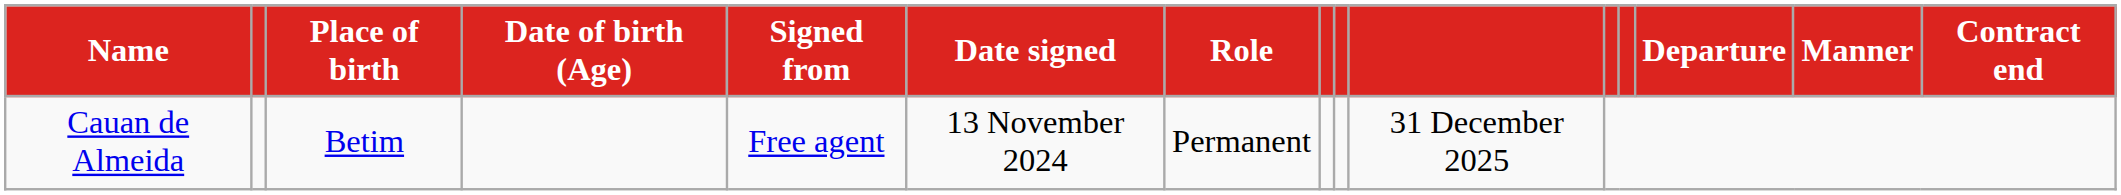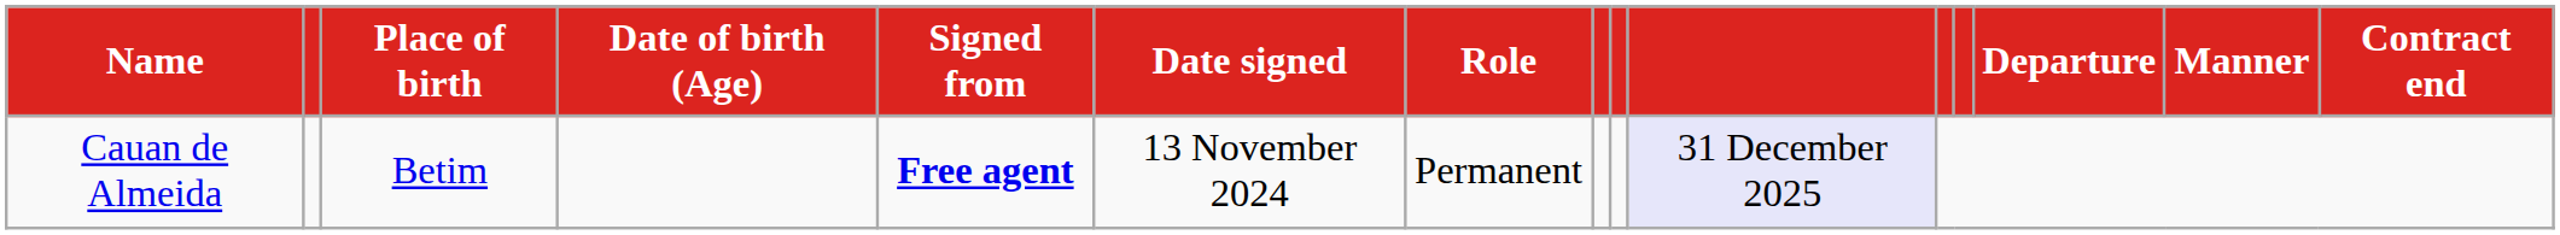 <table class="wikitable" style="text-align:center; font-size:85%; width:100%;">
 <tr>
 <th style="background:#DC241F; color:#FFFFFF; text-align:center;">Name</th>
 <th style="background:#DC241F; color:#FFFFFF; text-align:center;"></th>
 <th style="background:#DC241F; color:#FFFFFF; text-align:center;">Place of birth</th>
 <th style="background:#DC241F; color:#FFFFFF; text-align:center;">Date of birth (Age)</th>
 <th style="background:#DC241F; color:#FFFFFF; text-align:center;">Signed from</th>
 <th style="background:#DC241F; color:#FFFFFF; text-align:center;">Date signed</th>
 <th style="background:#DC241F; color:#FFFFFF; text-align:center;">Role</th>
 <th style="background:#DC241F; color:#FFFFFF; text-align:center;"></th>
 <th style="background:#DC241F; color:#FFFFFF; text-align:center;"></th>
 <th style="background:#DC241F; color:#FFFFFF; text-align:center;"></th>
 <th style="background:#DC241F; color:#FFFFFF; text-align:center;"></th>
 <th style="background:#DC241F; color:#FFFFFF; text-align:center;"></th>
 <th style="background:#DC241F; color:#FFFFFF; text-align:center;">Departure</th>
 <th style="background:#DC241F; color:#FFFFFF; text-align:center;">Manner</th>
 <th style="background:#DC241F; color:#FFFFFF; text-align:center;">Contract end</th>
 </tr>
 <tr>
 <td><a href='#'>Cauan de Almeida</a></td>
 <td></td>
 <td><a href='#'>Betim</a> </td>
 <td></td>
-<td><a href='#'>Free agent</a></td>
+<td><strong><a href='#'>Free agent</a></strong></td>
 <td>13 November 2024</td>
 <td>Permanent<br></td>
 <td></td>
 <td></td>
-<td>31 December 2025</td>
+<td style="background: lavender;">31 December 2025</td>
 </tr>
 </table>
